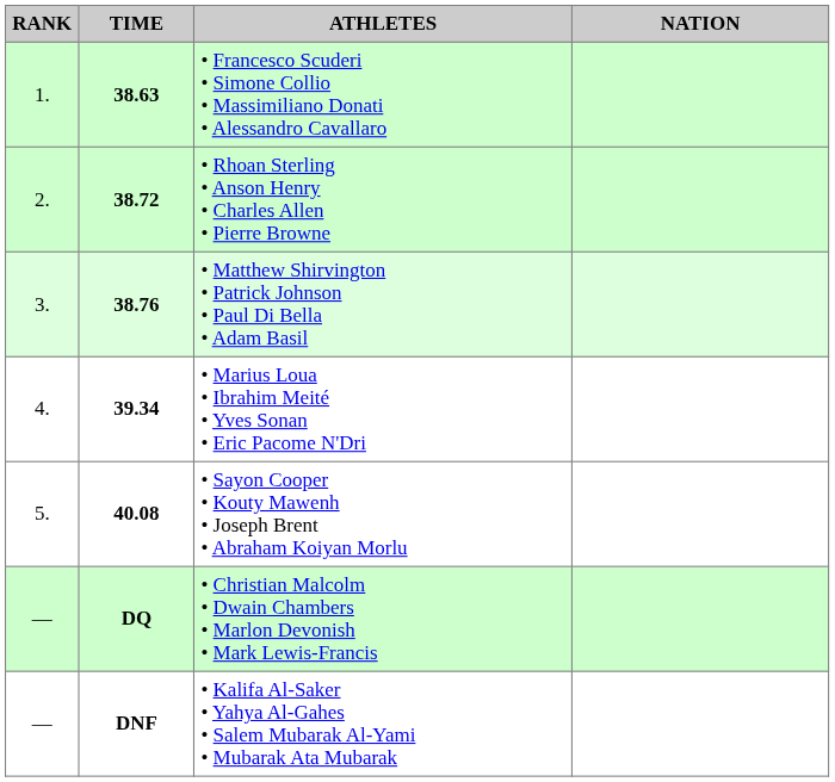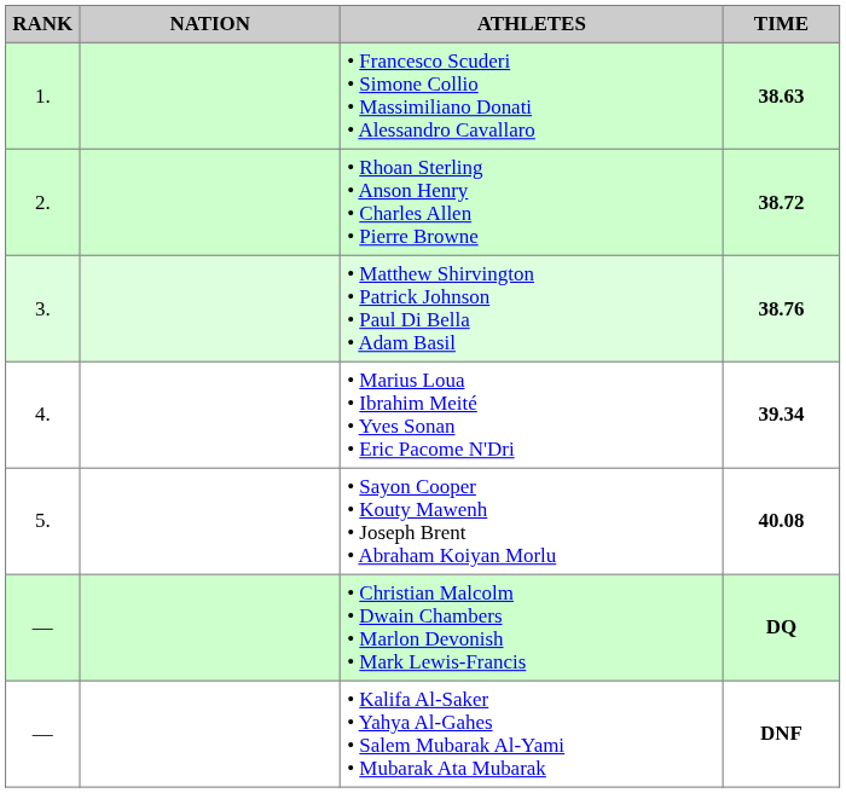 <table border="1" cellspacing="2" cellpadding="5" style="border-collapse: collapse;">
 <tr bgcolor="cccccc">
 <th>RANK</th>
+<th style="width: 12em">NATION</th>
+<th style="width: 18em">ATHLETES</th>
 <th style="width: 5em">TIME</th>
-<th style="width: 18em">ATHLETES</th>
-<th style="width: 12em">NATION</th>
 </tr>
 <tr style="background:#ccffcc;">
 <td align="center">1.</td>
+<td align="center"></td>
+<td>• <a href='#'>Francesco Scuderi</a><br>• <a href='#'>Simone Collio</a><br>• <a href='#'>Massimiliano Donati</a><br>• <a href='#'>Alessandro Cavallaro</a></td>
 <td align="center"><strong>38.63</strong></td>
-<td>• <a href='#'>Francesco Scuderi</a><br>• <a href='#'>Simone Collio</a><br>• <a href='#'>Massimiliano Donati</a><br>• <a href='#'>Alessandro Cavallaro</a></td>
-<td align="center"></td>
 </tr>
 <tr style="background:#ccffcc;">
 <td align="center">2.</td>
+<td align="center"></td>
+<td>• <a href='#'>Rhoan Sterling</a><br>• <a href='#'>Anson Henry</a><br>• <a href='#'>Charles Allen</a><br>• <a href='#'>Pierre Browne</a></td>
 <td align="center"><strong>38.72</strong></td>
-<td>• <a href='#'>Rhoan Sterling</a><br>• <a href='#'>Anson Henry</a><br>• <a href='#'>Charles Allen</a><br>• <a href='#'>Pierre Browne</a></td>
-<td align="center"></td>
 </tr>
 <tr style="background:#ddffdd;">
 <td align="center">3.</td>
+<td align="center"></td>
+<td>• <a href='#'>Matthew Shirvington</a><br>• <a href='#'>Patrick Johnson</a><br>• <a href='#'>Paul Di Bella</a><br>• <a href='#'>Adam Basil</a></td>
 <td align="center"><strong>38.76</strong></td>
-<td>• <a href='#'>Matthew Shirvington</a><br>• <a href='#'>Patrick Johnson</a><br>• <a href='#'>Paul Di Bella</a><br>• <a href='#'>Adam Basil</a></td>
-<td align="center"></td>
 </tr>
 <tr>
 <td align="center">4.</td>
+<td align="center"></td>
+<td>• <a href='#'>Marius Loua</a><br>• <a href='#'>Ibrahim Meité</a><br>• <a href='#'>Yves Sonan</a><br>• <a href='#'>Eric Pacome N'Dri</a></td>
 <td align="center"><strong>39.34</strong></td>
-<td>• <a href='#'>Marius Loua</a><br>• <a href='#'>Ibrahim Meité</a><br>• <a href='#'>Yves Sonan</a><br>• <a href='#'>Eric Pacome N'Dri</a></td>
-<td align="center"></td>
 </tr>
 <tr>
 <td align="center">5.</td>
+<td align="center"></td>
+<td>• <a href='#'>Sayon Cooper</a><br>• <a href='#'>Kouty Mawenh</a><br>• Joseph Brent<br>• <a href='#'>Abraham Koiyan Morlu</a></td>
 <td align="center"><strong>40.08</strong></td>
-<td>• <a href='#'>Sayon Cooper</a><br>• <a href='#'>Kouty Mawenh</a><br>• Joseph Brent<br>• <a href='#'>Abraham Koiyan Morlu</a></td>
-<td align="center"></td>
 </tr>
 <tr style="background:#ccffcc;">
 <td align="center">—</td>
+<td align="center"></td>
+<td>• <a href='#'>Christian Malcolm</a><br>• <a href='#'>Dwain Chambers</a><br>• <a href='#'>Marlon Devonish</a><br>• <a href='#'>Mark Lewis-Francis</a></td>
 <td align="center"><strong>DQ</strong></td>
-<td>• <a href='#'>Christian Malcolm</a><br>• <a href='#'>Dwain Chambers</a><br>• <a href='#'>Marlon Devonish</a><br>• <a href='#'>Mark Lewis-Francis</a></td>
-<td align="center"></td>
 </tr>
 <tr>
 <td align="center">—</td>
+<td align="center"></td>
+<td>• <a href='#'>Kalifa Al-Saker</a><br>• <a href='#'>Yahya Al-Gahes</a><br>• <a href='#'>Salem Mubarak Al-Yami</a><br>• <a href='#'>Mubarak Ata Mubarak</a></td>
 <td align="center"><strong>DNF</strong></td>
-<td>• <a href='#'>Kalifa Al-Saker</a><br>• <a href='#'>Yahya Al-Gahes</a><br>• <a href='#'>Salem Mubarak Al-Yami</a><br>• <a href='#'>Mubarak Ata Mubarak</a></td>
-<td align="center"></td>
 </tr>
 </table>
